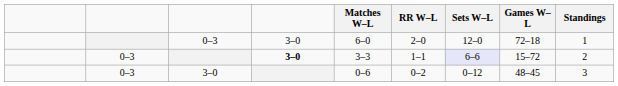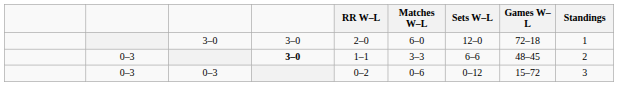 <table class="wikitable" style="width: 100%; text-align:center; font-size:90%">
 <tr>
 <td width=130></td>
 <td width=130></td>
 <td width=130></td>
 <td width=130></td>
+<th width=80>RR W–L</th>
 <th width=80>Matches W–L</th>
-<th width=80>RR W–L</th>
 <th width=80>Sets W–L</th>
 <th width=80>Games W–L</th>
 <th width=80>Standings</th>
 </tr>
 <tr>
 <td style="text-align:left;"></td>
 <th bgcolor="ededed"></th>
-<td>0–3</td>
 <td>3–0</td>
+<td>3–0</td>
+<td>2–0</td>
 <td>6–0</td>
-<td>2–0</td>
 <td>12–0</td>
 <td>72–18</td>
 <td>1</td>
 </tr>
 <tr>
 <td style="text-align:left;"></td>
 <td>0–3</td>
 <th bgcolor="ededed"></th>
 <td><strong>3–0</strong></td>
+<td>1–1</td>
 <td>3–3</td>
-<td>1–1</td>
-<td style="background: lavender;">6–6</td>
-<td>15–72</td>
+<td>6–6</td>
+<td>48–45</td>
 <td>2</td>
 </tr>
 <tr>
 <td style="text-align:left;"></td>
 <td>0–3</td>
-<td>3–0</td>
+<td>0–3</td>
 <th bgcolor="ededed"></th>
+<td>0–2</td>
 <td>0–6</td>
-<td>0–2</td>
 <td>0–12</td>
-<td>48–45</td>
+<td>15–72</td>
 <td>3</td>
 </tr>
 </table>
